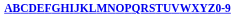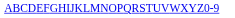 <table id="toc" class="toc" summary="Class">
 <tr>
 <th></th>
 </tr>
 <tr>
-<td style="text-align:center;"><strong><a href='#'>A</a><a href='#'>B</a><a href='#'>C</a><a href='#'>D</a><a href='#'>E</a><a href='#'>F</a><a href='#'>G</a><a href='#'>H</a><a href='#'>I</a><a href='#'>J</a><a href='#'>K</a><a href='#'>L</a><a href='#'>M</a><a href='#'>N</a><a href='#'>O</a><a href='#'>P</a><a href='#'>Q</a><a href='#'>R</a><a href='#'>S</a><a href='#'>T</a><a href='#'>U</a><a href='#'>V</a><a href='#'>W</a><a href='#'>X</a><a href='#'>Y</a><a href='#'>Z</a><a href='#'>0-9</a></strong></td>
+<td style="text-align:center;"><a href='#'>A</a><a href='#'>B</a><a href='#'>C</a><a href='#'>D</a><a href='#'>E</a><a href='#'>F</a><a href='#'>G</a><a href='#'>H</a><a href='#'>I</a><a href='#'>J</a><a href='#'>K</a><a href='#'>L</a><a href='#'>M</a><a href='#'>N</a><a href='#'>O</a><a href='#'>P</a><a href='#'>Q</a><a href='#'>R</a><a href='#'>S</a><a href='#'>T</a><a href='#'>U</a><a href='#'>V</a><a href='#'>W</a><a href='#'>X</a><a href='#'>Y</a><a href='#'>Z</a><a href='#'>0-9</a></td>
 </tr>
 </table>
